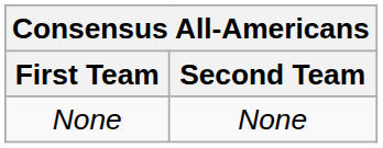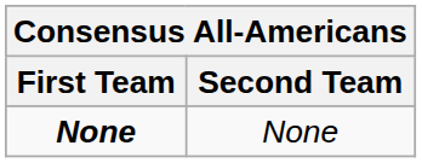 <table class="wikitable" style="text-align:center; font-size: 95%">
 <tr>
 <th Colspan=3>Consensus All-Americans</th>
 </tr>
 <tr>
 <th>First Team</th>
 <th>Second Team</th>
 </tr>
 <tr>
-<td><em>None</em></td>
+<td><strong><em>None</em></strong></td>
 <td><em>None</em></td>
 </tr>
 </table>
